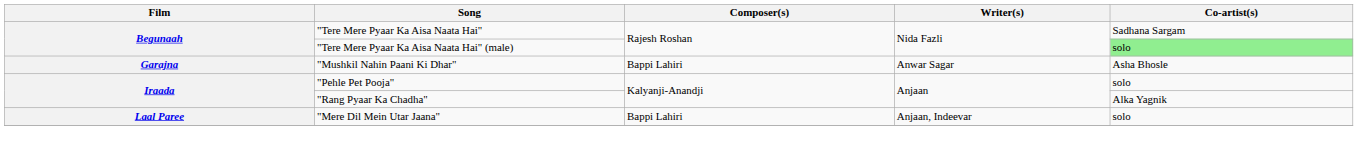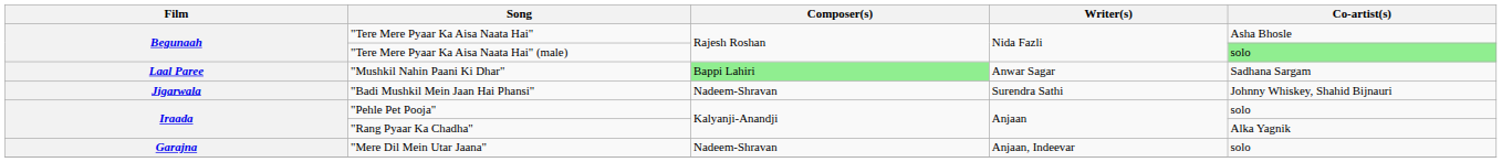 <table class="wikitable plainrowheaders" width="100%" textcolor:#000;">
 <tr style="background:#b0e0e66;">
 <th scope="col" width=23%><strong>Film</strong></th>
 <th scope="col" width=23%><strong>Song</strong></th>
 <th scope="col" width=20%><strong>Composer(s)</strong></th>
 <th scope="col" width=16%><strong>Writer(s)</strong></th>
 <th scope="col" width=18%><strong>Co-artist(s)</strong></th>
 </tr>
 <tr>
 <th rowspan=2><em><a href='#'>Begunaah</a></em></th>
 <td>"Tere Mere Pyaar Ka Aisa Naata Hai"</td>
 <td rowspan=2>Rajesh Roshan</td>
 <td rowspan=2>Nida Fazli</td>
-<td>Sadhana Sargam</td>
+<td>Asha Bhosle</td>
 </tr>
 <tr>
 <td>"Tere Mere Pyaar Ka Aisa Naata Hai" (male)</td>
 <td style="background: lightgreen;">solo</td>
 </tr>
 <tr>
-<th><em><a href='#'>Garajna</a></em></th>
+<th><em><a href='#'>Laal Paree</a></em></th>
 <td>"Mushkil Nahin Paani Ki Dhar"</td>
-<td>Bappi Lahiri</td>
+<td style="background: lightgreen;">Bappi Lahiri</td>
 <td>Anwar Sagar</td>
-<td>Asha Bhosle</td>
+<td>Sadhana Sargam</td>
+</tr>
+<tr>
+<th><em><a href='#'>Jigarwala</a></em></th>
+<td>"Badi Mushkil Mein Jaan Hai Phansi"</td>
+<td>Nadeem-Shravan</td>
+<td>Surendra Sathi</td>
+<td>Johnny Whiskey, Shahid Bijnauri</td>
 </tr>
 <tr>
 <th rowspan=2><em><a href='#'>Iraada</a></em></th>
 <td>"Pehle Pet Pooja"</td>
 <td rowspan=2>Kalyanji-Anandji</td>
 <td rowspan=2>Anjaan</td>
 <td>solo</td>
 </tr>
 <tr>
 <td>"Rang Pyaar Ka Chadha"</td>
 <td>Alka Yagnik</td>
 </tr>
 <tr>
-<th><em><a href='#'>Laal Paree</a></em></th>
+<th><em><a href='#'>Garajna</a></em></th>
 <td>"Mere Dil Mein Utar Jaana"</td>
-<td>Bappi Lahiri</td>
+<td>Nadeem-Shravan</td>
 <td>Anjaan, Indeevar</td>
 <td>solo</td>
 </tr>
 <tr>
 </tr>
 </table>
